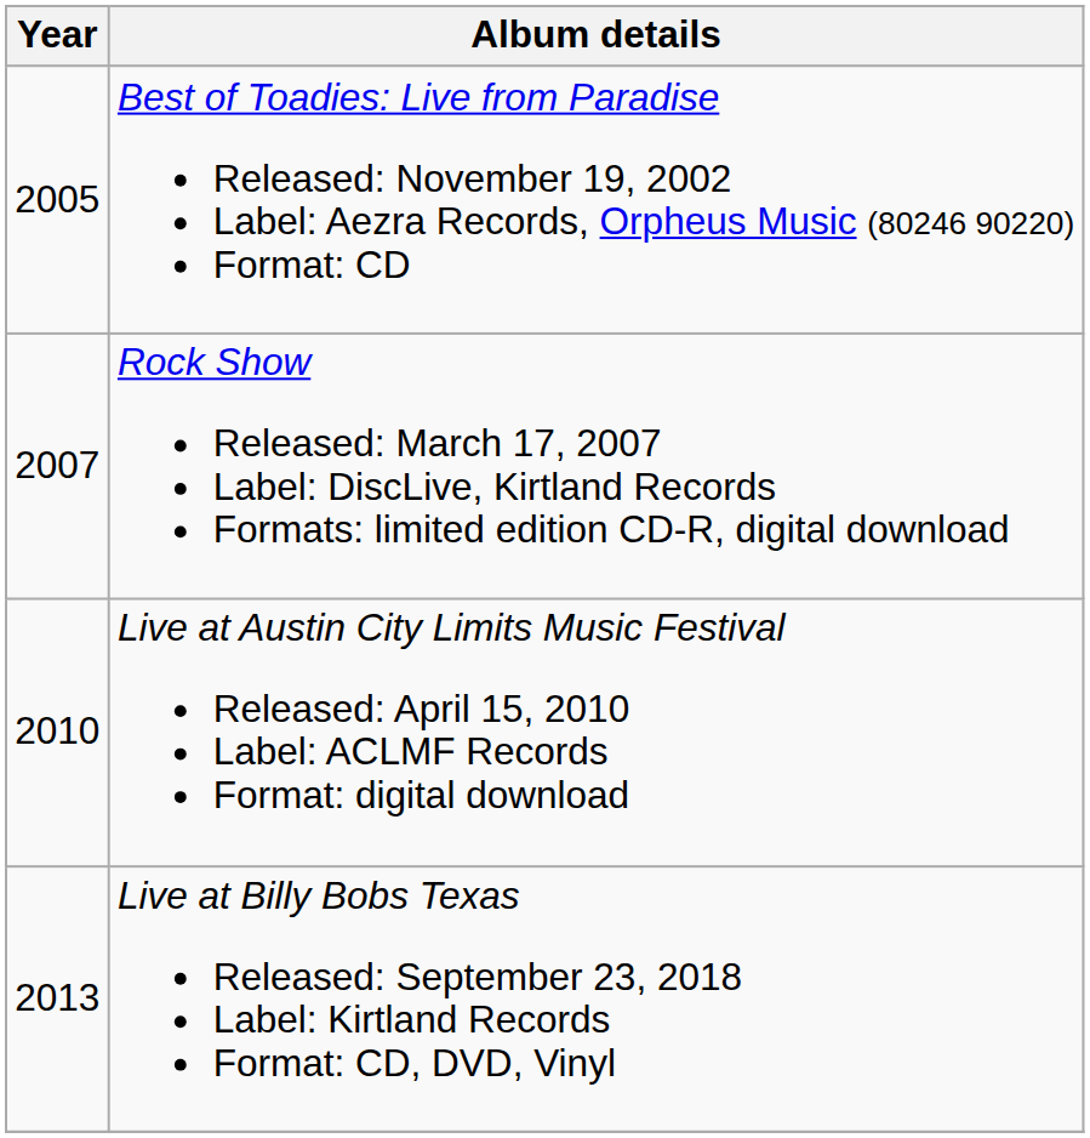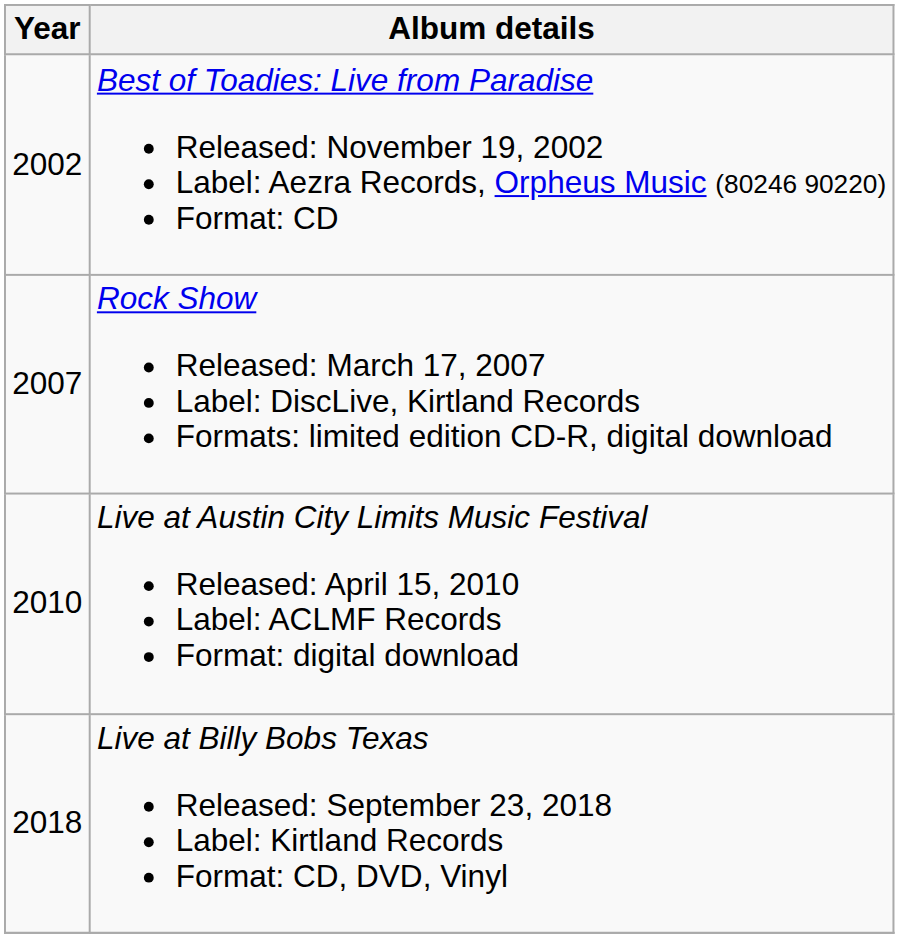 <table class="wikitable">
 <tr>
 <th rowspan="1">Year</th>
 <th rowspan="1">Album details</th>
 </tr>
 <tr>
-<td>2005</td>
+<td>2002</td>
 <td><em><a href='#'>Best of Toadies: Live from Paradise</a></em><br><ul><li>Released: November 19, 2002</li><li>Label: Aezra Records, <a href='#'>Orpheus Music</a> <small>(80246 90220)</small></li><li>Format: CD</li></ul></td>
 </tr>
 <tr>
 <td>2007</td>
 <td><em><a href='#'>Rock Show</a></em><br><ul><li>Released: March 17, 2007</li><li>Label: DiscLive, Kirtland Records</li><li>Formats: limited edition CD-R, digital download</li></ul></td>
 </tr>
 <tr>
 <td>2010</td>
 <td><em>Live at Austin City Limits Music Festival</em><br><ul><li>Released: April 15, 2010</li><li>Label: ACLMF Records</li><li>Format: digital download</li></ul></td>
 </tr>
 <tr>
-<td>2013</td>
+<td>2018</td>
 <td><em>Live at Billy Bobs Texas</em><br><ul><li>Released: September 23, 2018</li><li>Label: Kirtland Records</li><li>Format: CD, DVD, Vinyl</li></ul></td>
 </tr>
 <tr>
 </tr>
 </table>
